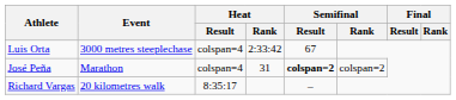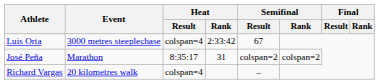 <table class=wikitable style=font-size:90%>
 <tr>
 <th rowspan=2>Athlete</th>
 <th rowspan=2>Event</th>
 <th colspan=2>Heat</th>
 <th colspan=2>Semifinal</th>
 <th colspan=2>Final</th>
 </tr>
 <tr style=font-size:95%>
 <th>Result</th>
 <th>Rank</th>
 <th>Result</th>
 <th>Rank</th>
 <th>Result</th>
 <th>Rank</th>
 </tr>
 <tr align=center>
 <td align=left><a href='#'>Luis Orta</a></td>
 <td align=left><a href='#'>3000 metres steeplechase</a></td>
 <td>colspan=4 </td>
 <td>2:33:42 <strong></strong></td>
 <td>67</td>
 </tr>
 <tr align=center>
 <td align=left><a href='#'>José Peña</a></td>
 <td align=left><a href='#'>Marathon</a></td>
-<td>colspan=4 </td>
+<td>8:35:17</td>
 <td>31</td>
-<td><strong>colspan=2 </strong></td>
+<td>colspan=2 </td>
 <td>colspan=2 </td>
 </tr>
 <tr align=center>
 <td align=left><a href='#'>Richard Vargas</a></td>
 <td align=left><a href='#'>20 kilometres walk</a></td>
-<td>8:35:17</td>
+<td>colspan=4 </td>
 <td></td>
 <td>–</td>
 </tr>
 </table>
